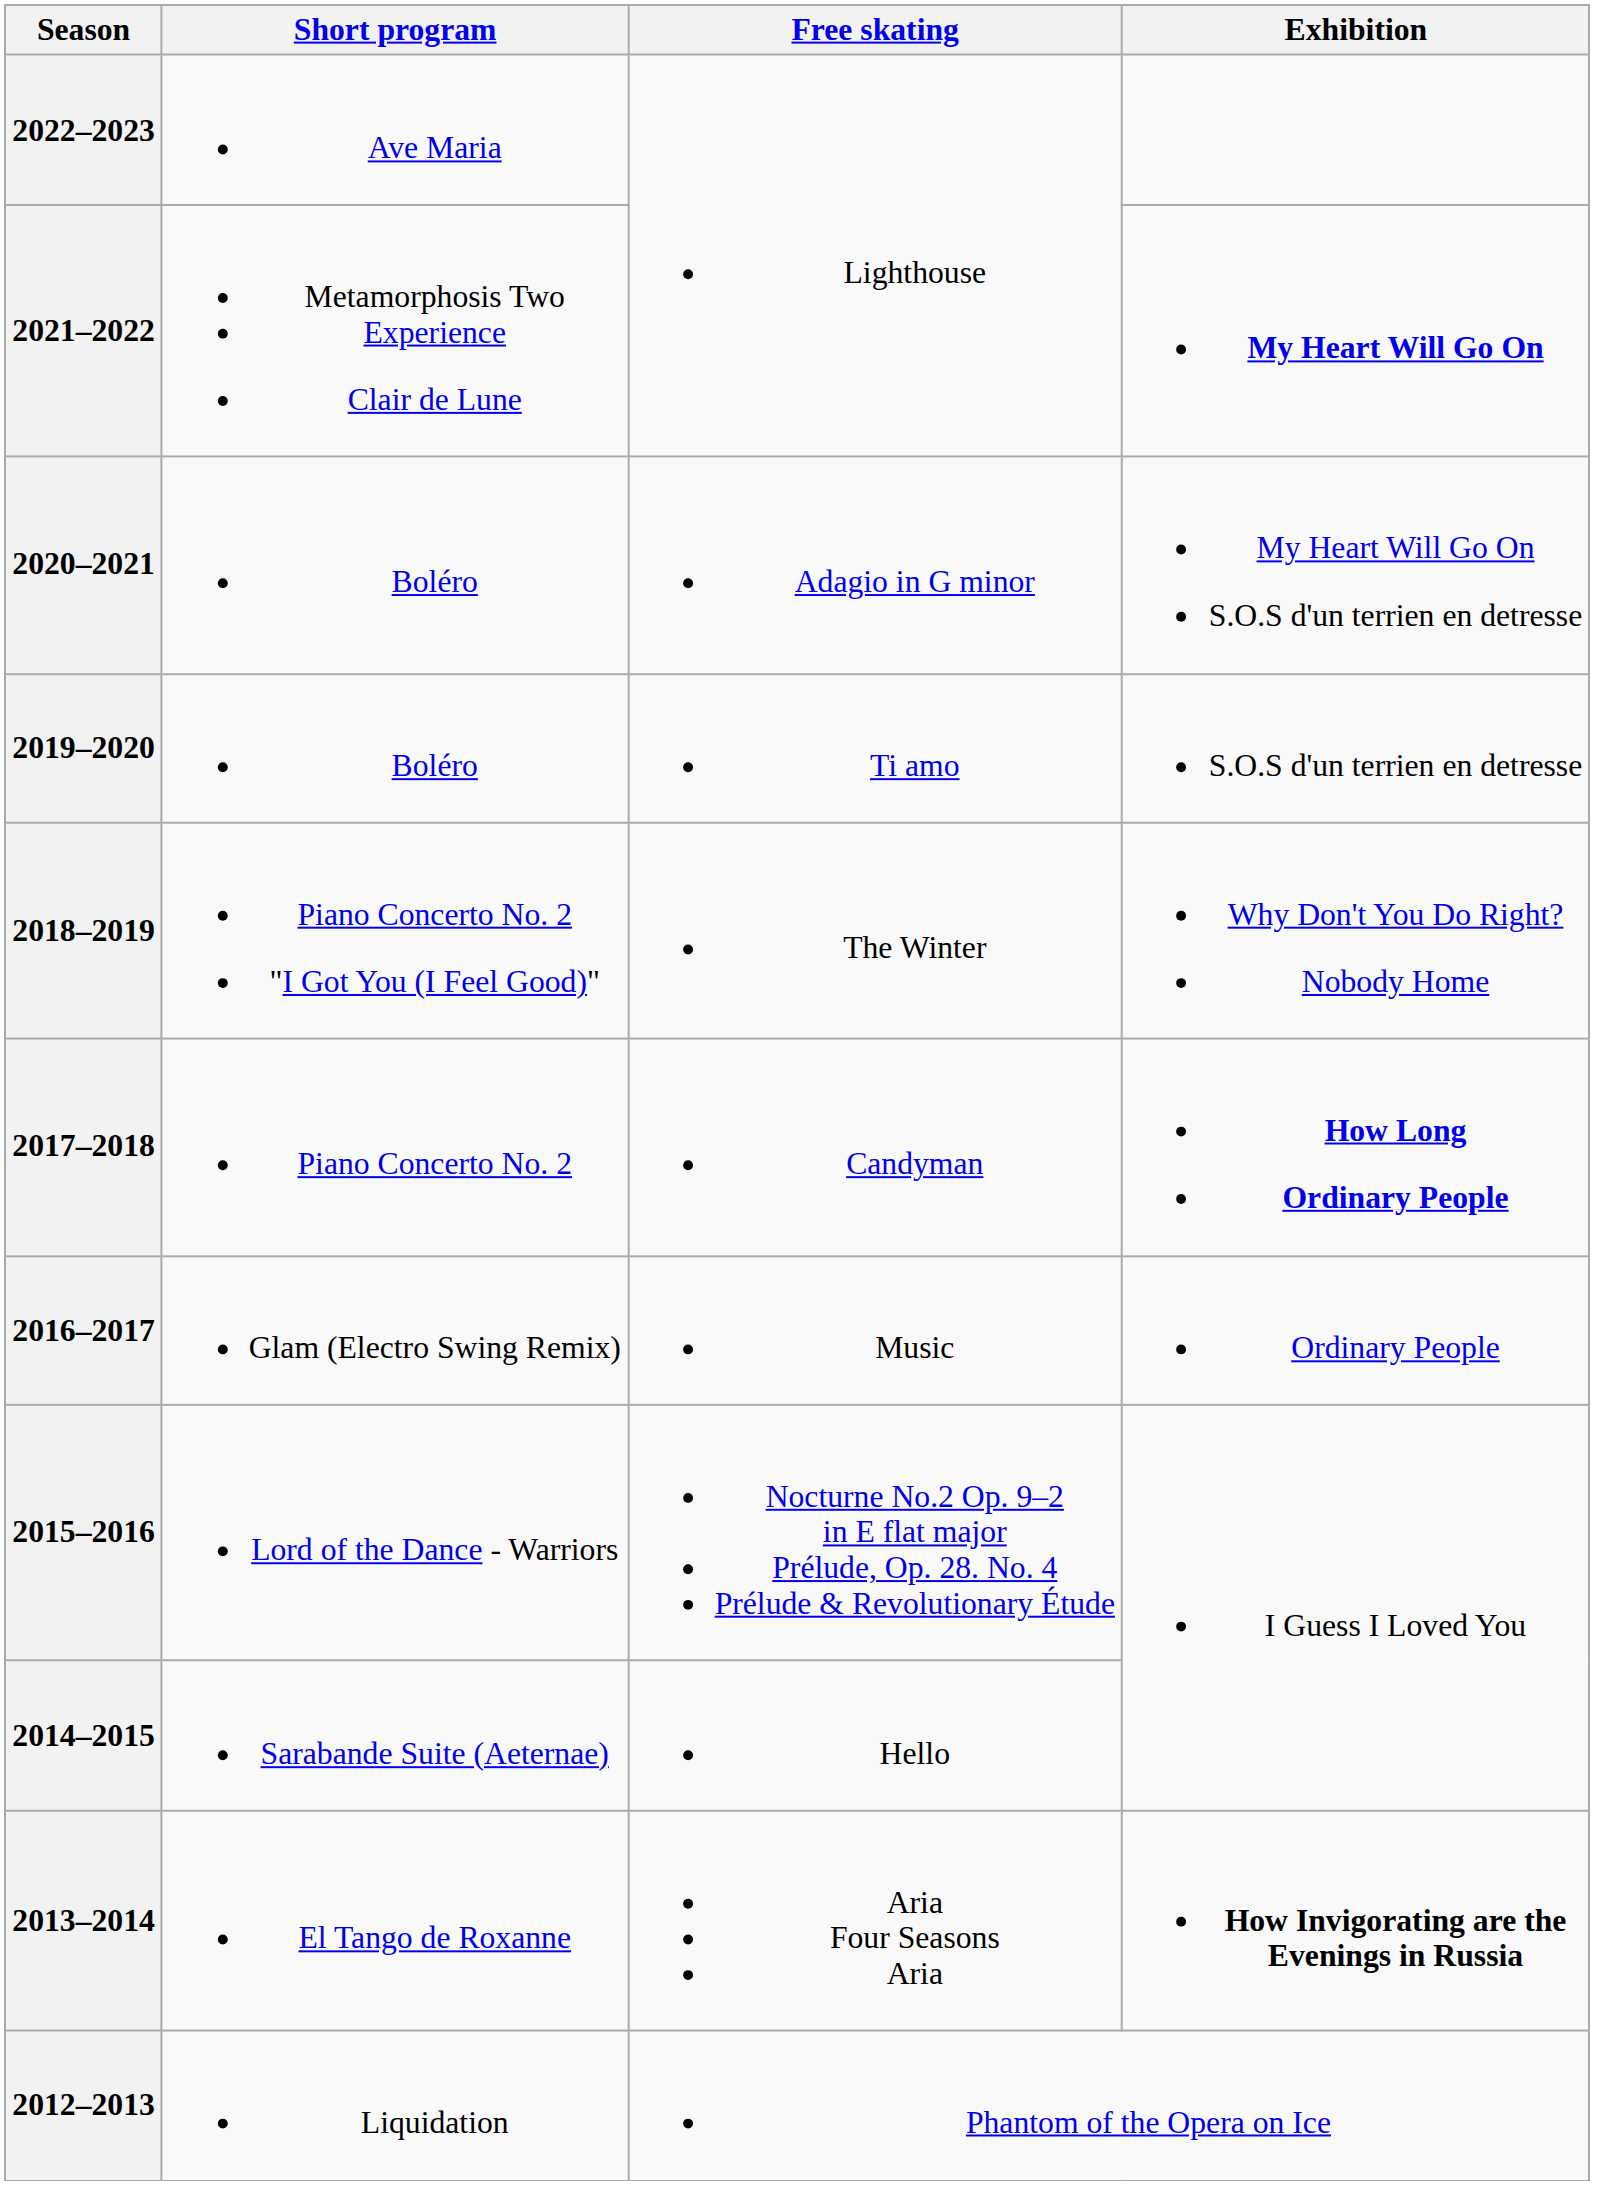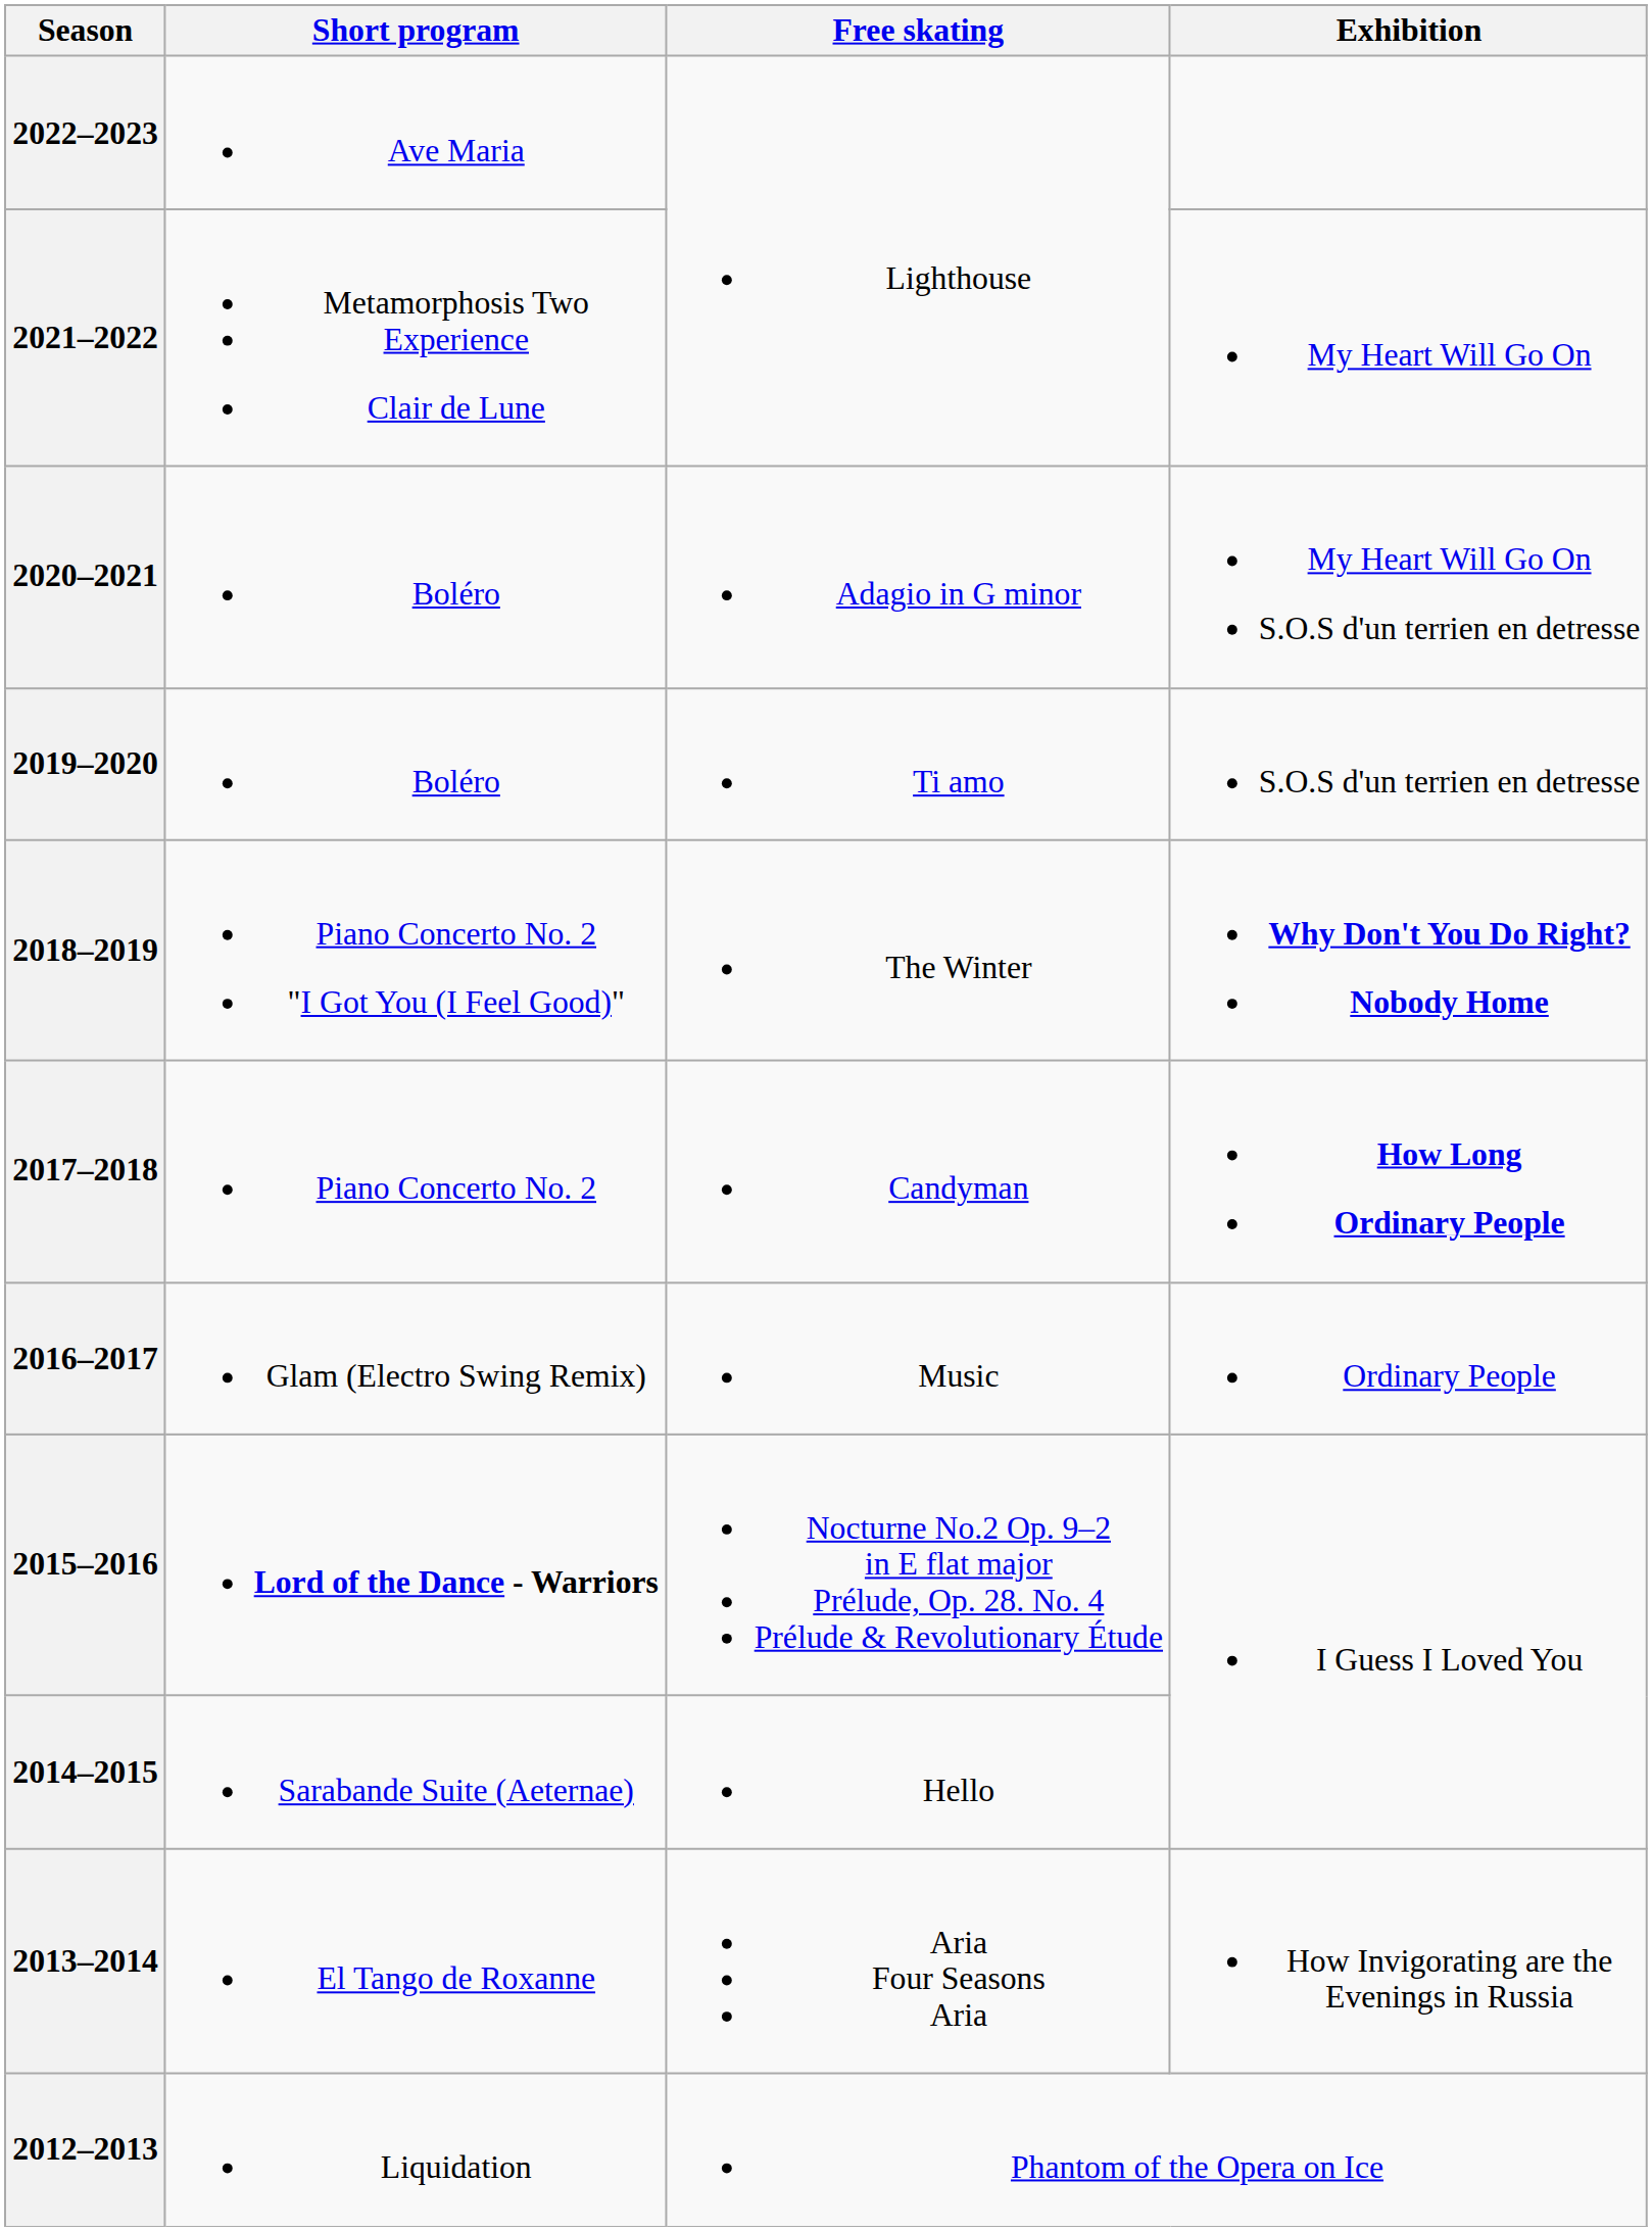 <table class=wikitable style=text-align:center>
 <tr>
 <th>Season</th>
 <th><a href='#'>Short program</a></th>
 <th><a href='#'>Free skating</a></th>
 <th>Exhibition</th>
 </tr>
 <tr>
 <th>2022–2023</th>
 <td><br><ul><li><a href='#'>Ave Maria</a> <br> </li></ul></td>
 <td rowspan=2><br><ul><li>Lighthouse <br> </li></ul></td>
 </tr>
 <tr>
 <th>2021–2022 <br></th>
 <td><br><ul><li>Metamorphosis Two <br> </li><li><a href='#'>Experience</a> <br> </li></ul><ul><li><a href='#'>Clair de Lune</a> <br> </li></ul></td>
-<td><strong><br><ul><li><a href='#'>My Heart Will Go On</a> <br> </li></ul></strong></td>
+<td><br><ul><li><a href='#'>My Heart Will Go On</a> <br> </li></ul></td>
 </tr>
 <tr>
 <th>2020–2021 <br></th>
 <td><br><ul><li><a href='#'>Boléro</a> <br></li></ul></td>
 <td><br><ul><li><a href='#'>Adagio in G minor</a> <br></li></ul></td>
 <td><br><ul><li><a href='#'>My Heart Will Go On</a> <br> </li></ul><ul><li>S.O.S d'un terrien en detresse <br> </li></ul></td>
 </tr>
 <tr>
 <th>2019–2020 <br></th>
 <td><br><ul><li><a href='#'>Boléro</a> <br> </li></ul></td>
 <td><br><ul><li><a href='#'>Ti amo</a> <br> </li></ul></td>
 <td><br><ul><li>S.O.S d'un terrien en detresse <br> </li></ul></td>
 </tr>
 <tr>
 <th>2018–2019 <br></th>
 <td><br><ul><li><a href='#'>Piano Concerto No. 2</a> <br></li></ul><ul><li>"<a href='#'>I Got You (I Feel Good)</a>" <br></li></ul></td>
 <td><br><ul><li>The Winter <br></li></ul></td>
-<td><br><ul><li><a href='#'>Why Don't You Do Right?</a> <br></li></ul><ul><li><a href='#'>Nobody Home</a> <br></li></ul></td>
+<td><strong><br><ul><li><a href='#'>Why Don't You Do Right?</a> <br></li></ul><ul><li><a href='#'>Nobody Home</a> <br></li></ul></strong></td>
 </tr>
 <tr>
 <th>2017–2018 <br></th>
 <td><br><ul><li><a href='#'>Piano Concerto No. 2</a> <br></li></ul></td>
 <td><br><ul><li><a href='#'>Candyman</a> <br></li></ul></td>
 <td><strong><br><ul><li><a href='#'>How Long</a> <br></li></ul><ul><li><a href='#'>Ordinary People</a> <br></li></ul></strong></td>
 </tr>
 <tr>
 <th>2016–2017 <br></th>
 <td><br><ul><li>Glam (Electro Swing Remix) <br></li></ul></td>
 <td><br><ul><li>Music <br></li></ul></td>
 <td><br><ul><li><a href='#'>Ordinary People</a> <br></li></ul></td>
 </tr>
 <tr>
 <th>2015–2016 <br></th>
-<td><br><ul><li><a href='#'>Lord of the Dance</a> - Warriors <br></li></ul></td>
+<td><strong><br><ul><li><a href='#'>Lord of the Dance</a> - Warriors <br></li></ul></strong></td>
 <td><br><ul><li><a href='#'>Nocturne No.2 Op. 9–2 <br> in E flat major</a></li><li><a href='#'>Prélude, Op. 28. No. 4</a></li><li><a href='#'>Prélude & Revolutionary Étude</a> <br></li></ul></td>
 <td rowspan=2><br><ul><li>I Guess I Loved You <br></li></ul></td>
 </tr>
 <tr>
 <th>2014–2015 <br></th>
 <td><br><ul><li><a href='#'>Sarabande Suite (Aeternae)</a> <br></li></ul></td>
 <td><br><ul><li>Hello <br></li></ul></td>
 </tr>
 <tr>
 <th>2013–2014 <br></th>
 <td><br><ul><li><a href='#'>El Tango de Roxanne</a> <br></li></ul></td>
 <td><br><ul><li>Aria <br></li><li>Four Seasons <br></li><li>Aria <br></li></ul></td>
-<td><strong><br><ul><li>How Invigorating are the<br> Evenings in Russia <br></li></ul></strong></td>
+<td><br><ul><li>How Invigorating are the<br> Evenings in Russia <br></li></ul></td>
 </tr>
 <tr>
 <th>2012–2013 <br></th>
 <td><br><ul><li>Liquidation <br></li></ul></td>
 <td colspan=2><br><ul><li><a href='#'>Phantom of the Opera on Ice</a> <br></li></ul></td>
 </tr>
 </table>
